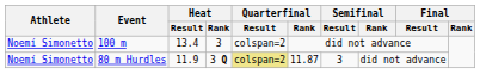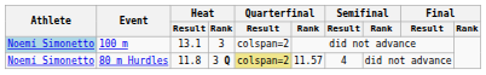 <table class="wikitable" style="font-size:90%">
 <tr>
 <th rowspan=2>Athlete</th>
 <th rowspan=2>Event</th>
 <th colspan=2>Heat</th>
 <th colspan=2>Quarterfinal</th>
 <th colspan=2>Semifinal</th>
 <th colspan=2>Final</th>
 </tr>
 <tr style="font-size:95%">
 <th>Result</th>
 <th>Rank</th>
 <th>Result</th>
 <th>Rank</th>
 <th>Result</th>
 <th>Rank</th>
 <th>Result</th>
 <th>Rank</th>
 </tr>
 <tr align=center>
-<td align=left><a href='#'>Noemí Simonetto</a></td>
+<td align=left style="background: lightblue;"><a href='#'>Noemí Simonetto</a></td>
 <td align=left><a href='#'>100 m</a></td>
-<td>13.4</td>
+<td>13.1</td>
 <td>3</td>
 <td>colspan=2 </td>
 <td colspan=4>did not advance</td>
 </tr>
 <tr align=center>
 <td align=left><a href='#'>Noemí Simonetto</a></td>
 <td align=left><a href='#'>80 m Hurdles</a></td>
-<td>11.9</td>
+<td>11.8</td>
 <td>3 <strong>Q</strong></td>
 <td style="background: khaki;">colspan=2 </td>
-<td>11.87</td>
-<td>3</td>
+<td>11.57</td>
+<td>4</td>
 <td colspan=2>did not advance</td>
 </tr>
 </table>
